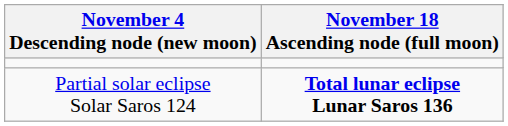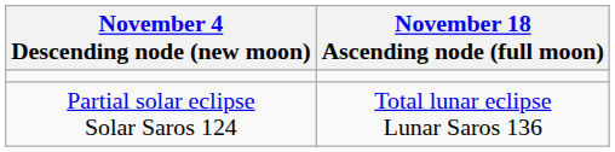 <table class="wikitable">
 <tr>
 <th><a href='#'>November 4</a><br>Descending node (new moon)<br></th>
 <th><a href='#'>November 18</a><br>Ascending node (full moon)<br></th>
 </tr>
 <tr>
 <td></td>
 <td></td>
 </tr>
 <tr align=center>
 <td><a href='#'>Partial solar eclipse</a><br>Solar Saros 124</td>
-<td><strong><a href='#'>Total lunar eclipse</a><br>Lunar Saros 136</strong></td>
+<td><a href='#'>Total lunar eclipse</a><br>Lunar Saros 136</td>
 </tr>
 </table>
